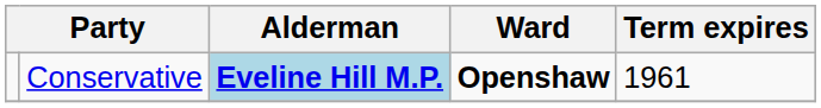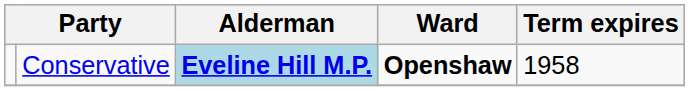 <table class="wikitable">
 <tr>
 <th colspan="2">Party</th>
 <th>Alderman</th>
 <th>Ward</th>
 <th>Term expires</th>
 </tr>
 <tr>
 <td style="background-color:"></td>
 <td><a href='#'>Conservative</a></td>
 <td style="background: lightblue;"><strong><a href='#'>Eveline Hill M.P.</a></strong></td>
 <td><strong>Openshaw</strong></td>
-<td>1961</td>
+<td>1958</td>
 </tr>
 <tr>
 </tr>
 </table>
